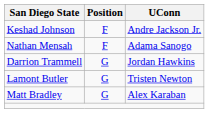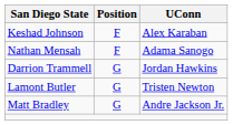 <table class="wikitable">
 <tr>
 <th>San Diego State</th>
 <th colspan="2">Position</th>
 <th>UConn</th>
 </tr>
 <tr>
 <td><a href='#'>Keshad Johnson</a></td>
 <td colspan=2 style="text-align:center"><a href='#'>F</a></td>
-<td><a href='#'>Andre Jackson Jr.</a></td>
+<td><a href='#'>Alex Karaban</a></td>
 </tr>
 <tr>
 <td><a href='#'>Nathan Mensah</a></td>
 <td colspan=2 style="text-align:center"><a href='#'>F</a></td>
 <td><a href='#'>Adama Sanogo</a></td>
 </tr>
 <tr>
 <td><a href='#'>Darrion Trammell</a></td>
 <td colspan=2 style="text-align:center"><a href='#'>G</a></td>
 <td><a href='#'>Jordan Hawkins</a></td>
 </tr>
 <tr>
 <td><a href='#'>Lamont Butler</a></td>
 <td colspan=2 style="text-align:center"><a href='#'>G</a></td>
 <td><a href='#'>Tristen Newton</a></td>
 </tr>
 <tr>
 <td><a href='#'>Matt Bradley</a></td>
 <td colspan=2 style="text-align:center"><a href='#'>G</a></td>
-<td><a href='#'>Alex Karaban</a></td>
+<td><a href='#'>Andre Jackson Jr.</a></td>
 </tr>
 <tr>
 <td colspan="5" align=center></td>
 </tr>
 </table>
